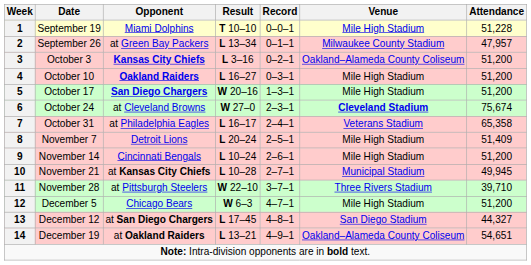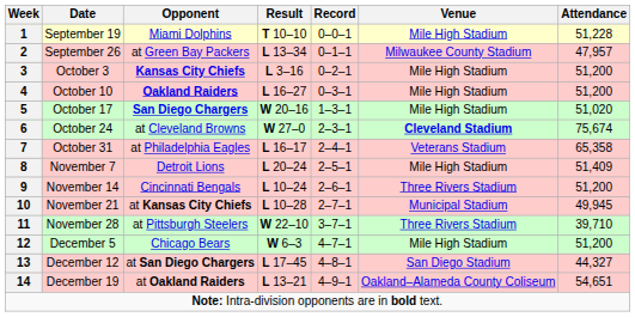 <table class="wikitable" style="text-align:center">
 <tr>
 <th>Week</th>
 <th>Date</th>
 <th>Opponent</th>
 <th>Result</th>
 <th>Record</th>
 <th>Venue</th>
 <th>Attendance</th>
 </tr>
 <tr style="background:#ffc">
 <th>1</th>
 <td>September 19</td>
 <td><a href='#'>Miami Dolphins</a></td>
 <td><strong>T</strong> 10–10</td>
 <td>0–0–1</td>
 <td><a href='#'>Mile High Stadium</a></td>
 <td>51,228</td>
 </tr>
 <tr style="background:#fcc">
 <th>2</th>
 <td>September 26</td>
 <td>at <a href='#'>Green Bay Packers</a></td>
 <td><strong>L</strong> 13–34</td>
 <td>0–1–1</td>
 <td><a href='#'>Milwaukee County Stadium</a></td>
 <td>47,957</td>
 </tr>
 <tr style="background:#fcc">
 <th>3</th>
 <td>October 3</td>
 <td><strong><a href='#'>Kansas City Chiefs</a></strong></td>
 <td><strong>L</strong> 3–16</td>
 <td>0–2–1</td>
-<td><a href='#'>Oakland–Alameda County Coliseum</a></td>
+<td>Mile High Stadium</td>
 <td>51,200</td>
 </tr>
 <tr style="background:#fcc">
 <th>4</th>
 <td>October 10</td>
 <td><strong><a href='#'>Oakland Raiders</a></strong></td>
 <td><strong>L</strong> 16–27</td>
 <td>0–3–1</td>
 <td>Mile High Stadium</td>
 <td>51,200</td>
 </tr>
 <tr style="background:#cfc">
 <th>5</th>
 <td>October 17</td>
 <td><strong><a href='#'>San Diego Chargers</a></strong></td>
 <td><strong>W</strong> 20–16</td>
 <td>1–3–1</td>
 <td>Mile High Stadium</td>
-<td>51,200</td>
+<td>51,020</td>
 </tr>
 <tr style="background:#cfc">
 <th>6</th>
 <td>October 24</td>
 <td>at <a href='#'>Cleveland Browns</a></td>
 <td><strong>W</strong> 27–0</td>
 <td>2–3–1</td>
 <td><strong><a href='#'>Cleveland Stadium</a></strong></td>
 <td>75,674</td>
 </tr>
 <tr style="background:#fcc">
 <th>7</th>
 <td>October 31</td>
 <td>at <a href='#'>Philadelphia Eagles</a></td>
 <td><strong>L</strong> 16–17</td>
 <td>2–4–1</td>
 <td><a href='#'>Veterans Stadium</a></td>
 <td>65,358</td>
 </tr>
 <tr style="background:#fcc">
 <th>8</th>
 <td>November 7</td>
 <td><a href='#'>Detroit Lions</a></td>
 <td><strong>L</strong> 20–24</td>
 <td>2–5–1</td>
 <td>Mile High Stadium</td>
 <td>51,409</td>
 </tr>
 <tr style="background:#fcc">
 <th>9</th>
 <td>November 14</td>
 <td><a href='#'>Cincinnati Bengals</a></td>
 <td><strong>L</strong> 10–24</td>
 <td>2–6–1</td>
-<td>Mile High Stadium</td>
+<td><a href='#'>Three Rivers Stadium</a></td>
 <td>51,200</td>
 </tr>
 <tr style="background:#fcc">
 <th>10</th>
 <td>November 21</td>
 <td>at <strong>Kansas City Chiefs</strong></td>
 <td><strong>L</strong> 10–28</td>
 <td>2–7–1</td>
 <td><a href='#'>Municipal Stadium</a></td>
 <td>49,945</td>
 </tr>
 <tr style="background:#cfc">
 <th>11</th>
 <td>November 28</td>
 <td>at <a href='#'>Pittsburgh Steelers</a></td>
 <td><strong>W</strong> 22–10</td>
 <td>3–7–1</td>
 <td><a href='#'>Three Rivers Stadium</a></td>
 <td>39,710</td>
 </tr>
 <tr style="background:#cfc">
 <th>12</th>
 <td>December 5</td>
 <td><a href='#'>Chicago Bears</a></td>
 <td><strong>W</strong> 6–3</td>
 <td>4–7–1</td>
 <td>Mile High Stadium</td>
 <td>51,200</td>
 </tr>
 <tr style="background:#fcc">
 <th>13</th>
 <td>December 12</td>
 <td>at <strong>San Diego Chargers</strong></td>
 <td><strong>L</strong> 17–45</td>
 <td>4–8–1</td>
 <td><a href='#'>San Diego Stadium</a></td>
 <td>44,327</td>
 </tr>
 <tr style="background:#fcc">
 <th>14</th>
 <td>December 19</td>
 <td>at <strong>Oakland Raiders</strong></td>
 <td><strong>L</strong> 13–21</td>
 <td>4–9–1</td>
 <td><a href='#'>Oakland–Alameda County Coliseum</a></td>
 <td>54,651</td>
 </tr>
 <tr>
 <td colspan="8"><strong>Note:</strong> Intra-division opponents are in <strong>bold</strong> text.</td>
 </tr>
 </table>
